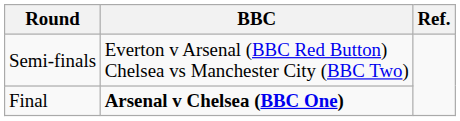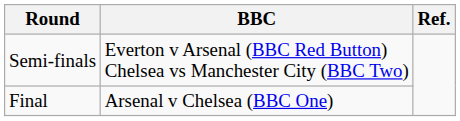 <table class="wikitable">
 <tr>
 <th>Round</th>
 <th>BBC</th>
 <th>Ref.</th>
 </tr>
 <tr>
 <td>Semi-finals</td>
 <td>Everton v Arsenal (<a href='#'>BBC Red Button</a>)<br>Chelsea vs Manchester City (<a href='#'>BBC Two</a>)</td>
 <td rowspan="2"></td>
 </tr>
 <tr>
 <td>Final</td>
-<td><strong>Arsenal v Chelsea (<a href='#'>BBC One</a>)</strong></td>
+<td>Arsenal v Chelsea (<a href='#'>BBC One</a>)</td>
 </tr>
 </table>
